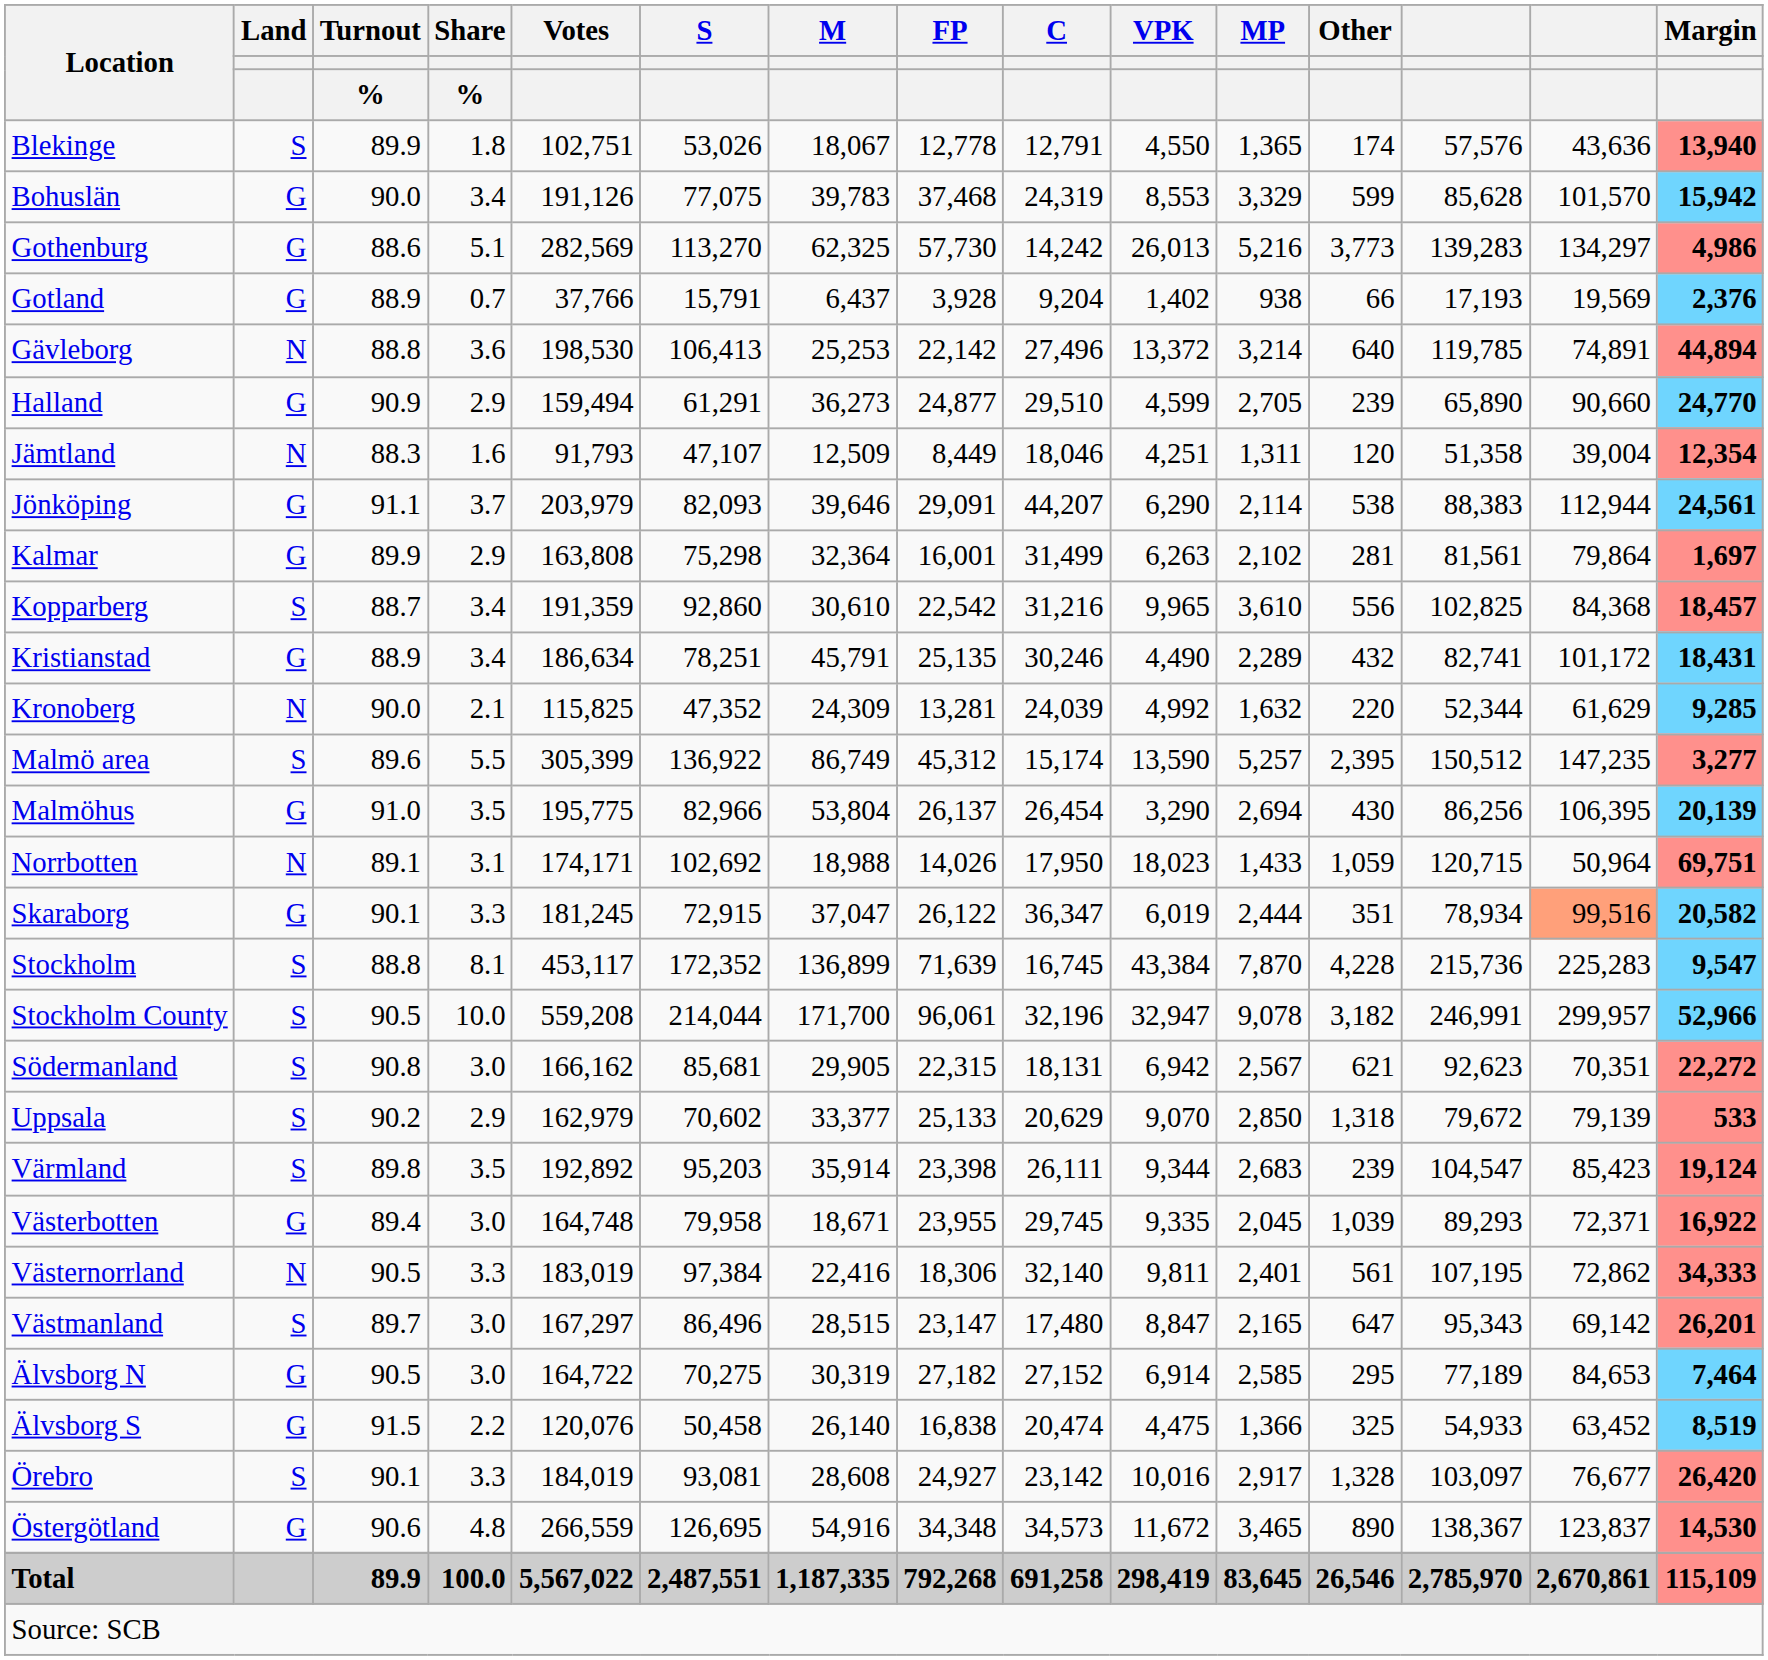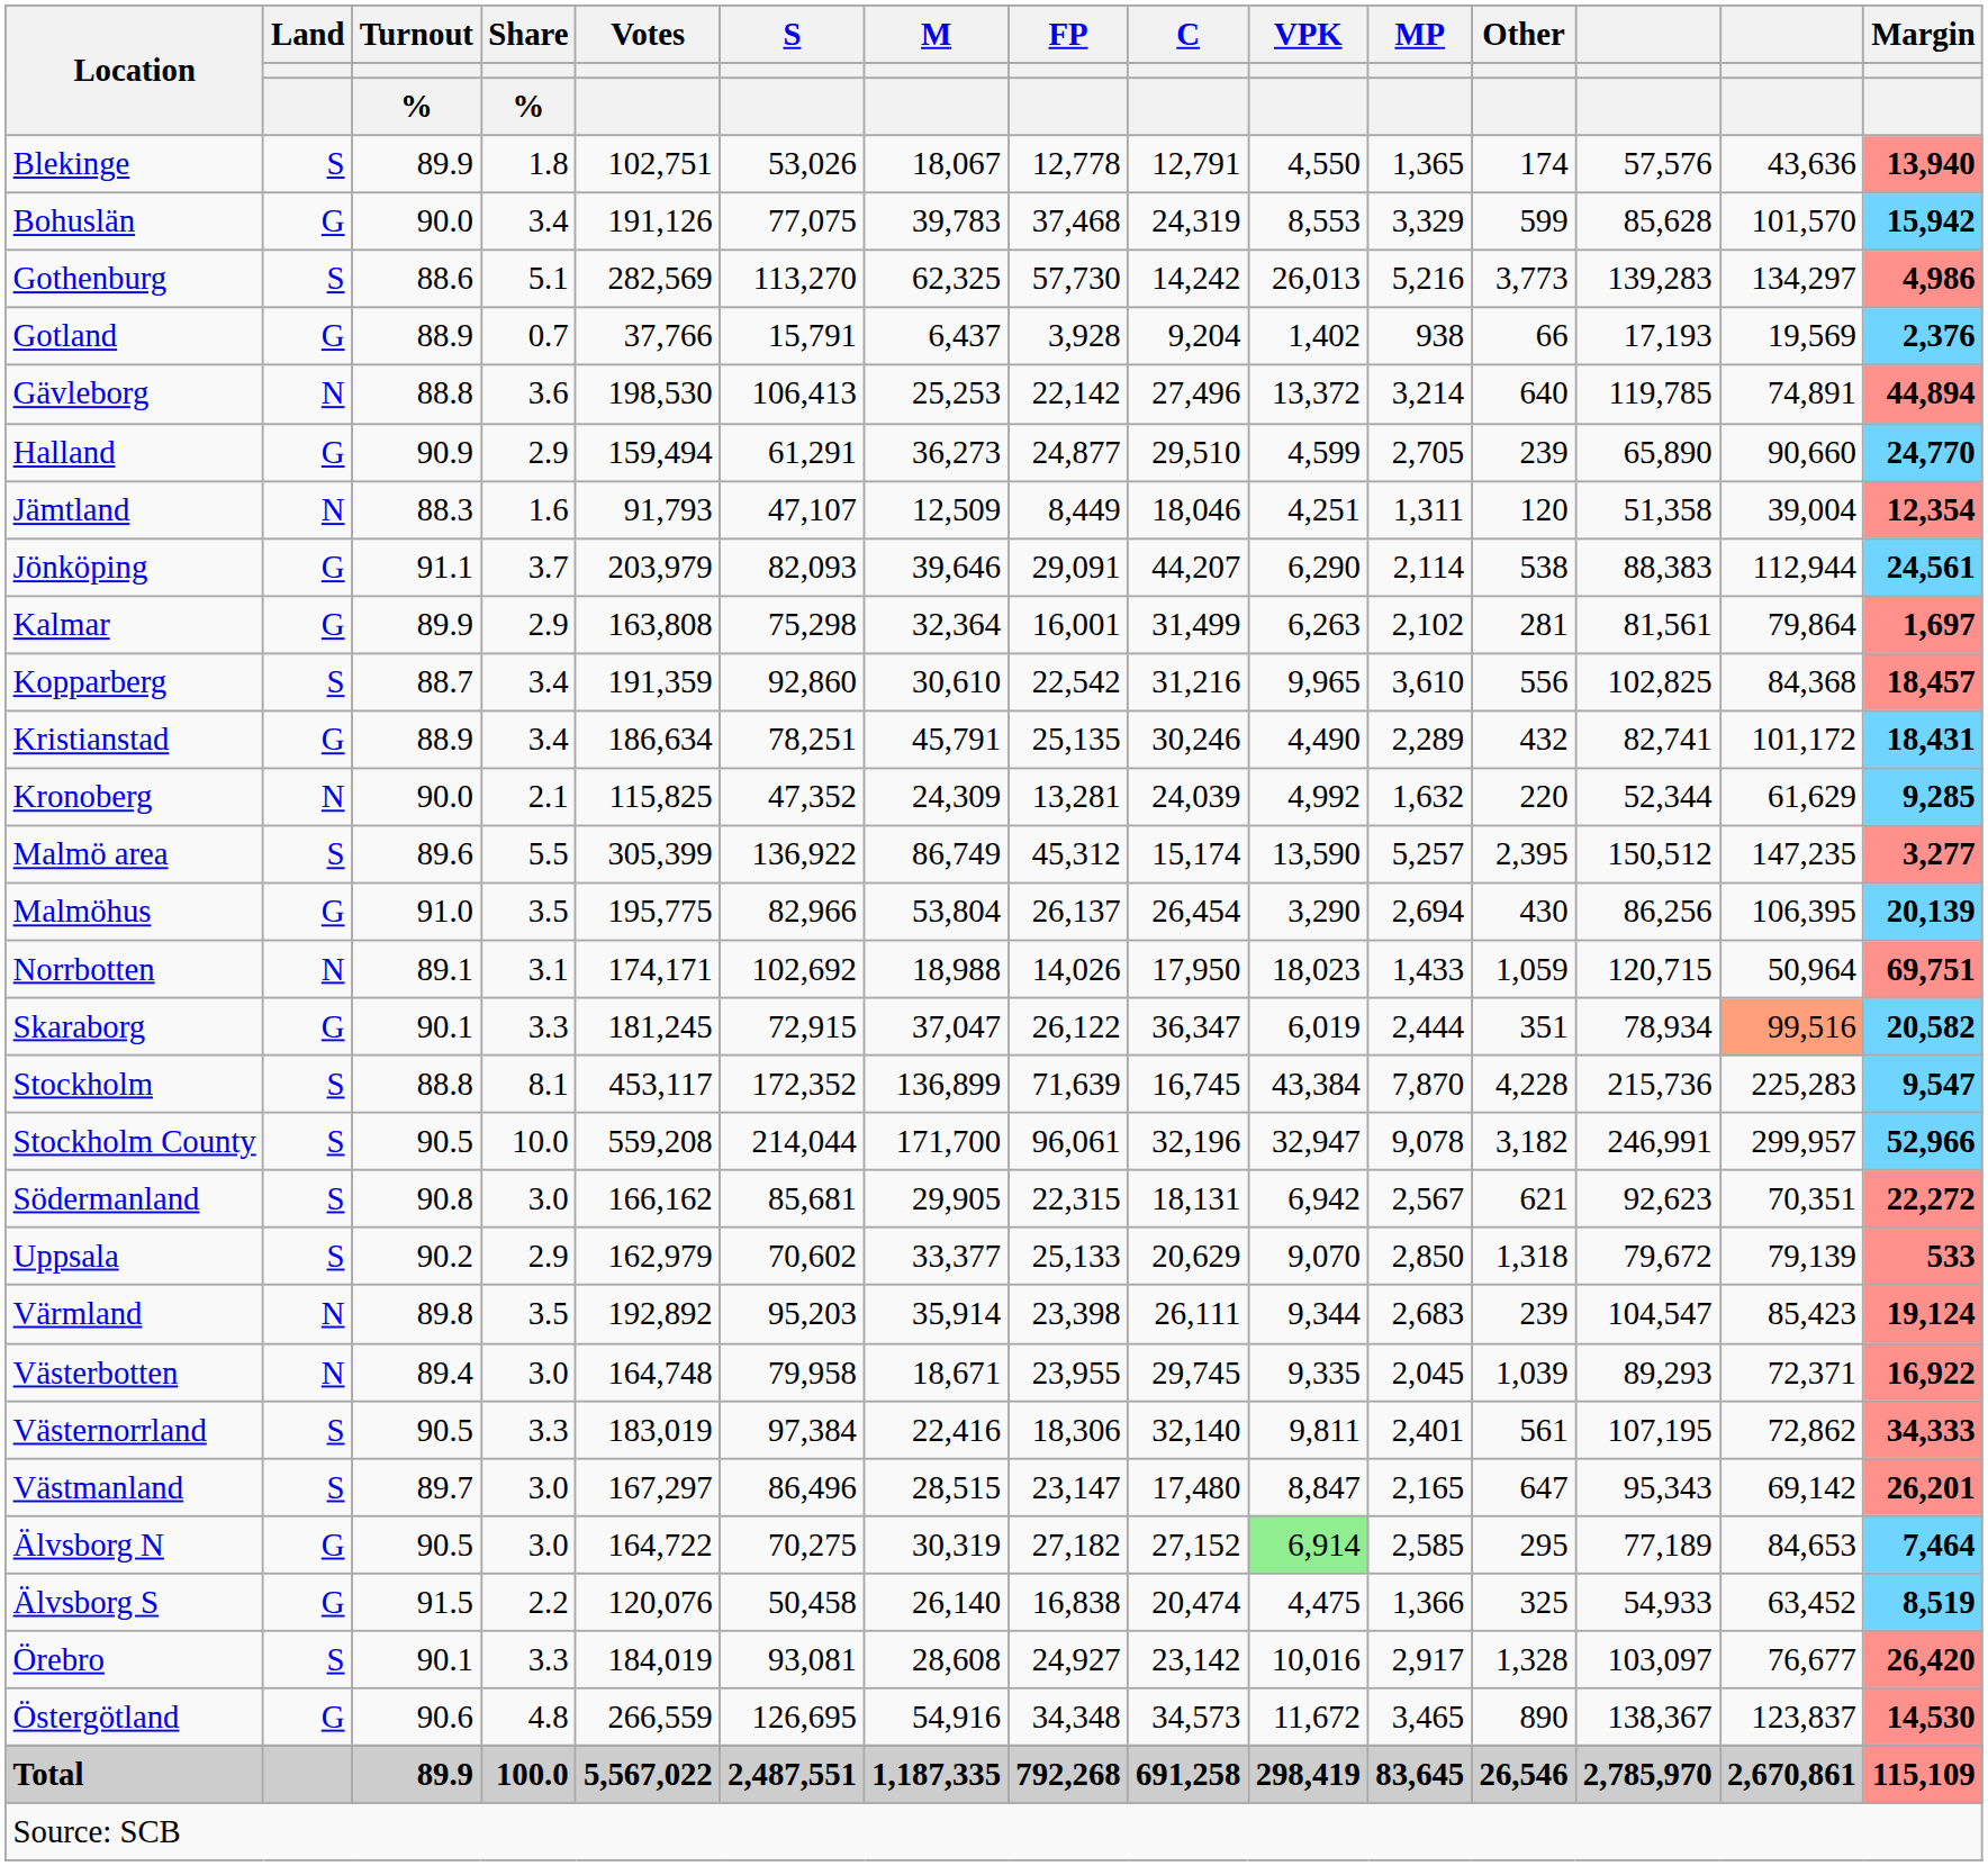 <table class="wikitable sortable" style="text-align:right; font-size:95%; line-height:20px;">
 <tr>
 <th rowspan="3">Location</th>
 <th>Land</th>
 <th>Turnout</th>
 <th>Share</th>
 <th>Votes</th>
 <th width="30px" class="unsortable"><a href='#'>S</a></th>
 <th width="30px" class="unsortable"><a href='#'>M</a></th>
 <th width="30px" class="unsortable"><a href='#'>FP</a></th>
 <th width="30px" class="unsortable"><a href='#'>C</a></th>
 <th width="30px" class="unsortable"><a href='#'>VPK</a></th>
 <th width="30px" class="unsortable"><a href='#'>MP</a></th>
 <th width="30px" class="unsortable">Other</th>
 <th></th>
 <th></th>
 <th>Margin</th>
 </tr>
 <tr>
 <th></th>
 <th></th>
 <th></th>
 <th></th>
 <th style="background:"></th>
 <th style="background:"></th>
 <th style="background:"></th>
 <th style="background:"></th>
 <th style="background:"></th>
 <th style="background:"></th>
 <th style="background:"></th>
 <th style="background:"></th>
 <th style="background:"></th>
 <th></th>
 </tr>
 <tr>
 <th></th>
 <th data-sort-type="number">%</th>
 <th data-sort-type="number">%</th>
 <th></th>
 <th data-sort-type="number"></th>
 <th data-sort-type="number"></th>
 <th data-sort-type="number"></th>
 <th data-sort-type="number"></th>
 <th data-sort-type="number"></th>
 <th data-sort-type="number"></th>
 <th data-sort-type="number"></th>
 <th data-sort-type="number"></th>
 <th data-sort-type="number"></th>
 <th data-sort-type="number"></th>
 </tr>
 <tr>
 <td align=left><a href='#'>Blekinge</a></td>
 <td><a href='#'>S</a></td>
 <td>89.9</td>
 <td>1.8</td>
 <td>102,751</td>
 <td>53,026</td>
 <td>18,067</td>
 <td>12,778</td>
 <td>12,791</td>
 <td>4,550</td>
 <td>1,365</td>
 <td>174</td>
 <td>57,576</td>
 <td>43,636</td>
 <td bgcolor=#ff908c><strong>13,940</strong></td>
 </tr>
 <tr>
 <td align=left><a href='#'>Bohuslän</a></td>
 <td><a href='#'>G</a></td>
 <td>90.0</td>
 <td>3.4</td>
 <td>191,126</td>
 <td>77,075</td>
 <td>39,783</td>
 <td>37,468</td>
 <td>24,319</td>
 <td>8,553</td>
 <td>3,329</td>
 <td>599</td>
 <td>85,628</td>
 <td>101,570</td>
 <td bgcolor=#6fd5fe><strong>15,942</strong></td>
 </tr>
 <tr>
 <td align=left><a href='#'>Gothenburg</a></td>
-<td><a href='#'>G</a></td>
+<td><a href='#'>S</a></td>
 <td>88.6</td>
 <td>5.1</td>
 <td>282,569</td>
 <td>113,270</td>
 <td>62,325</td>
 <td>57,730</td>
 <td>14,242</td>
 <td>26,013</td>
 <td>5,216</td>
 <td>3,773</td>
 <td>139,283</td>
 <td>134,297</td>
 <td bgcolor=#ff908c><strong>4,986</strong></td>
 </tr>
 <tr>
 <td align=left><a href='#'>Gotland</a></td>
 <td><a href='#'>G</a></td>
 <td>88.9</td>
 <td>0.7</td>
 <td>37,766</td>
 <td>15,791</td>
 <td>6,437</td>
 <td>3,928</td>
 <td>9,204</td>
 <td>1,402</td>
 <td>938</td>
 <td>66</td>
 <td>17,193</td>
 <td>19,569</td>
 <td bgcolor=#6fd5fe><strong>2,376</strong></td>
 </tr>
 <tr>
 <td align=left><a href='#'>Gävleborg</a></td>
 <td><a href='#'>N</a></td>
 <td>88.8</td>
 <td>3.6</td>
 <td>198,530</td>
 <td>106,413</td>
 <td>25,253</td>
 <td>22,142</td>
 <td>27,496</td>
 <td>13,372</td>
 <td>3,214</td>
 <td>640</td>
 <td>119,785</td>
 <td>74,891</td>
 <td bgcolor=#ff908c><strong>44,894</strong></td>
 </tr>
 <tr>
 <td align=left><a href='#'>Halland</a></td>
 <td><a href='#'>G</a></td>
 <td>90.9</td>
 <td>2.9</td>
 <td>159,494</td>
 <td>61,291</td>
 <td>36,273</td>
 <td>24,877</td>
 <td>29,510</td>
 <td>4,599</td>
 <td>2,705</td>
 <td>239</td>
 <td>65,890</td>
 <td>90,660</td>
 <td bgcolor=#6fd5fe><strong>24,770</strong></td>
 </tr>
 <tr>
 <td align=left><a href='#'>Jämtland</a></td>
 <td><a href='#'>N</a></td>
 <td>88.3</td>
 <td>1.6</td>
 <td>91,793</td>
 <td>47,107</td>
 <td>12,509</td>
 <td>8,449</td>
 <td>18,046</td>
 <td>4,251</td>
 <td>1,311</td>
 <td>120</td>
 <td>51,358</td>
 <td>39,004</td>
 <td bgcolor=#ff908c><strong>12,354</strong></td>
 </tr>
 <tr>
 <td align=left><a href='#'>Jönköping</a></td>
 <td><a href='#'>G</a></td>
 <td>91.1</td>
 <td>3.7</td>
 <td>203,979</td>
 <td>82,093</td>
 <td>39,646</td>
 <td>29,091</td>
 <td>44,207</td>
 <td>6,290</td>
 <td>2,114</td>
 <td>538</td>
 <td>88,383</td>
 <td>112,944</td>
 <td bgcolor=#6fd5fe><strong>24,561</strong></td>
 </tr>
 <tr>
 <td align=left><a href='#'>Kalmar</a></td>
 <td><a href='#'>G</a></td>
 <td>89.9</td>
 <td>2.9</td>
 <td>163,808</td>
 <td>75,298</td>
 <td>32,364</td>
 <td>16,001</td>
 <td>31,499</td>
 <td>6,263</td>
 <td>2,102</td>
 <td>281</td>
 <td>81,561</td>
 <td>79,864</td>
 <td bgcolor=#ff908c><strong>1,697</strong></td>
 </tr>
 <tr>
 <td align=left><a href='#'>Kopparberg</a></td>
 <td><a href='#'>S</a></td>
 <td>88.7</td>
 <td>3.4</td>
 <td>191,359</td>
 <td>92,860</td>
 <td>30,610</td>
 <td>22,542</td>
 <td>31,216</td>
 <td>9,965</td>
 <td>3,610</td>
 <td>556</td>
 <td>102,825</td>
 <td>84,368</td>
 <td bgcolor=#ff908c><strong>18,457</strong></td>
 </tr>
 <tr>
 <td align=left><a href='#'>Kristianstad</a></td>
 <td><a href='#'>G</a></td>
 <td>88.9</td>
 <td>3.4</td>
 <td>186,634</td>
 <td>78,251</td>
 <td>45,791</td>
 <td>25,135</td>
 <td>30,246</td>
 <td>4,490</td>
 <td>2,289</td>
 <td>432</td>
 <td>82,741</td>
 <td>101,172</td>
 <td bgcolor=#6fd5fe><strong>18,431</strong></td>
 </tr>
 <tr>
 <td align=left><a href='#'>Kronoberg</a></td>
 <td><a href='#'>N</a></td>
 <td>90.0</td>
 <td>2.1</td>
 <td>115,825</td>
 <td>47,352</td>
 <td>24,309</td>
 <td>13,281</td>
 <td>24,039</td>
 <td>4,992</td>
 <td>1,632</td>
 <td>220</td>
 <td>52,344</td>
 <td>61,629</td>
 <td bgcolor=#6fd5fe><strong>9,285</strong></td>
 </tr>
 <tr>
 <td align=left><a href='#'>Malmö area</a></td>
 <td><a href='#'>S</a></td>
 <td>89.6</td>
 <td>5.5</td>
 <td>305,399</td>
 <td>136,922</td>
 <td>86,749</td>
 <td>45,312</td>
 <td>15,174</td>
 <td>13,590</td>
 <td>5,257</td>
 <td>2,395</td>
 <td>150,512</td>
 <td>147,235</td>
 <td bgcolor=#ff908c><strong>3,277</strong></td>
 </tr>
 <tr>
 <td align=left><a href='#'>Malmöhus</a></td>
 <td><a href='#'>G</a></td>
 <td>91.0</td>
 <td>3.5</td>
 <td>195,775</td>
 <td>82,966</td>
 <td>53,804</td>
 <td>26,137</td>
 <td>26,454</td>
 <td>3,290</td>
 <td>2,694</td>
 <td>430</td>
 <td>86,256</td>
 <td>106,395</td>
 <td bgcolor=#6fd5fe><strong>20,139</strong></td>
 </tr>
 <tr>
 <td align=left><a href='#'>Norrbotten</a></td>
 <td><a href='#'>N</a></td>
 <td>89.1</td>
 <td>3.1</td>
 <td>174,171</td>
 <td>102,692</td>
 <td>18,988</td>
 <td>14,026</td>
 <td>17,950</td>
 <td>18,023</td>
 <td>1,433</td>
 <td>1,059</td>
 <td>120,715</td>
 <td>50,964</td>
 <td bgcolor=#ff908c><strong>69,751</strong></td>
 </tr>
 <tr>
 <td align=left><a href='#'>Skaraborg</a></td>
 <td><a href='#'>G</a></td>
 <td>90.1</td>
 <td>3.3</td>
 <td>181,245</td>
 <td>72,915</td>
 <td>37,047</td>
 <td>26,122</td>
 <td>36,347</td>
 <td>6,019</td>
 <td>2,444</td>
 <td>351</td>
 <td>78,934</td>
 <td style="background: lightsalmon;">99,516</td>
 <td bgcolor=#6fd5fe><strong>20,582</strong></td>
 </tr>
 <tr>
 <td align=left><a href='#'>Stockholm</a></td>
 <td><a href='#'>S</a></td>
 <td>88.8</td>
 <td>8.1</td>
 <td>453,117</td>
 <td>172,352</td>
 <td>136,899</td>
 <td>71,639</td>
 <td>16,745</td>
 <td>43,384</td>
 <td>7,870</td>
 <td>4,228</td>
 <td>215,736</td>
 <td>225,283</td>
 <td bgcolor=#6fd5fe><strong>9,547</strong></td>
 </tr>
 <tr>
 <td align=left><a href='#'>Stockholm County</a></td>
 <td><a href='#'>S</a></td>
 <td>90.5</td>
 <td>10.0</td>
 <td>559,208</td>
 <td>214,044</td>
 <td>171,700</td>
 <td>96,061</td>
 <td>32,196</td>
 <td>32,947</td>
 <td>9,078</td>
 <td>3,182</td>
 <td>246,991</td>
 <td>299,957</td>
 <td bgcolor=#6fd5fe><strong>52,966</strong></td>
 </tr>
 <tr>
 <td align=left><a href='#'>Södermanland</a></td>
 <td><a href='#'>S</a></td>
 <td>90.8</td>
 <td>3.0</td>
 <td>166,162</td>
 <td>85,681</td>
 <td>29,905</td>
 <td>22,315</td>
 <td>18,131</td>
 <td>6,942</td>
 <td>2,567</td>
 <td>621</td>
 <td>92,623</td>
 <td>70,351</td>
 <td bgcolor=#ff908c><strong>22,272</strong></td>
 </tr>
 <tr>
 <td align=left><a href='#'>Uppsala</a></td>
 <td><a href='#'>S</a></td>
 <td>90.2</td>
 <td>2.9</td>
 <td>162,979</td>
 <td>70,602</td>
 <td>33,377</td>
 <td>25,133</td>
 <td>20,629</td>
 <td>9,070</td>
 <td>2,850</td>
 <td>1,318</td>
 <td>79,672</td>
 <td>79,139</td>
 <td bgcolor=#ff908c><strong>533</strong></td>
 </tr>
 <tr>
 <td align=left><a href='#'>Värmland</a></td>
-<td><a href='#'>S</a></td>
+<td><a href='#'>N</a></td>
 <td>89.8</td>
 <td>3.5</td>
 <td>192,892</td>
 <td>95,203</td>
 <td>35,914</td>
 <td>23,398</td>
 <td>26,111</td>
 <td>9,344</td>
 <td>2,683</td>
 <td>239</td>
 <td>104,547</td>
 <td>85,423</td>
 <td bgcolor=#ff908c><strong>19,124</strong></td>
 </tr>
 <tr>
 <td align=left><a href='#'>Västerbotten</a></td>
-<td><a href='#'>G</a></td>
+<td><a href='#'>N</a></td>
 <td>89.4</td>
 <td>3.0</td>
 <td>164,748</td>
 <td>79,958</td>
 <td>18,671</td>
 <td>23,955</td>
 <td>29,745</td>
 <td>9,335</td>
 <td>2,045</td>
 <td>1,039</td>
 <td>89,293</td>
 <td>72,371</td>
 <td bgcolor=#ff908c><strong>16,922</strong></td>
 </tr>
 <tr>
 <td align=left><a href='#'>Västernorrland</a></td>
-<td><a href='#'>N</a></td>
+<td><a href='#'>S</a></td>
 <td>90.5</td>
 <td>3.3</td>
 <td>183,019</td>
 <td>97,384</td>
 <td>22,416</td>
 <td>18,306</td>
 <td>32,140</td>
 <td>9,811</td>
 <td>2,401</td>
 <td>561</td>
 <td>107,195</td>
 <td>72,862</td>
 <td bgcolor=#ff908c><strong>34,333</strong></td>
 </tr>
 <tr>
 <td align=left><a href='#'>Västmanland</a></td>
 <td><a href='#'>S</a></td>
 <td>89.7</td>
 <td>3.0</td>
 <td>167,297</td>
 <td>86,496</td>
 <td>28,515</td>
 <td>23,147</td>
 <td>17,480</td>
 <td>8,847</td>
 <td>2,165</td>
 <td>647</td>
 <td>95,343</td>
 <td>69,142</td>
 <td bgcolor=#ff908c><strong>26,201</strong></td>
 </tr>
 <tr>
 <td align=left><a href='#'>Älvsborg N</a></td>
 <td><a href='#'>G</a></td>
 <td>90.5</td>
 <td>3.0</td>
 <td>164,722</td>
 <td>70,275</td>
 <td>30,319</td>
 <td>27,182</td>
 <td>27,152</td>
-<td>6,914</td>
+<td style="background: lightgreen;">6,914</td>
 <td>2,585</td>
 <td>295</td>
 <td>77,189</td>
 <td>84,653</td>
 <td bgcolor=#6fd5fe><strong>7,464</strong></td>
 </tr>
 <tr>
 <td align=left><a href='#'>Älvsborg S</a></td>
 <td><a href='#'>G</a></td>
 <td>91.5</td>
 <td>2.2</td>
 <td>120,076</td>
 <td>50,458</td>
 <td>26,140</td>
 <td>16,838</td>
 <td>20,474</td>
 <td>4,475</td>
 <td>1,366</td>
 <td>325</td>
 <td>54,933</td>
 <td>63,452</td>
 <td bgcolor=#6fd5fe><strong>8,519</strong></td>
 </tr>
 <tr>
 <td align=left><a href='#'>Örebro</a></td>
 <td><a href='#'>S</a></td>
 <td>90.1</td>
 <td>3.3</td>
 <td>184,019</td>
 <td>93,081</td>
 <td>28,608</td>
 <td>24,927</td>
 <td>23,142</td>
 <td>10,016</td>
 <td>2,917</td>
 <td>1,328</td>
 <td>103,097</td>
 <td>76,677</td>
 <td bgcolor=#ff908c><strong>26,420</strong></td>
 </tr>
 <tr>
 <td align=left><a href='#'>Östergötland</a></td>
 <td><a href='#'>G</a></td>
 <td>90.6</td>
 <td>4.8</td>
 <td>266,559</td>
 <td>126,695</td>
 <td>54,916</td>
 <td>34,348</td>
 <td>34,573</td>
 <td>11,672</td>
 <td>3,465</td>
 <td>890</td>
 <td>138,367</td>
 <td>123,837</td>
 <td bgcolor=#ff908c><strong>14,530</strong></td>
 </tr>
 <tr>
 </tr>
 <tr style="background:#CDCDCD;">
 <td align=left><strong>Total</strong></td>
 <td></td>
 <td><strong>89.9</strong></td>
 <td><strong>100.0</strong></td>
 <td><strong>5,567,022</strong></td>
 <td><strong>2,487,551</strong></td>
 <td><strong>1,187,335</strong></td>
 <td><strong>792,268</strong></td>
 <td><strong>691,258</strong></td>
 <td><strong>298,419</strong></td>
 <td><strong>83,645</strong></td>
 <td><strong>26,546</strong></td>
 <td><strong>2,785,970</strong></td>
 <td><strong>2,670,861</strong></td>
 <td bgcolor=#ff908c><strong>115,109</strong></td>
 </tr>
 <tr>
 <td align=left colspan=15>Source: SCB </td>
 </tr>
 </table>
